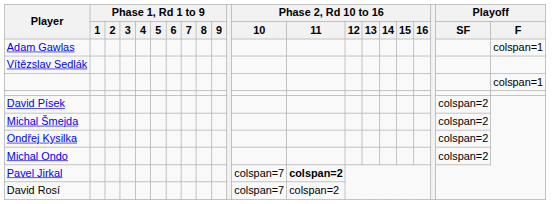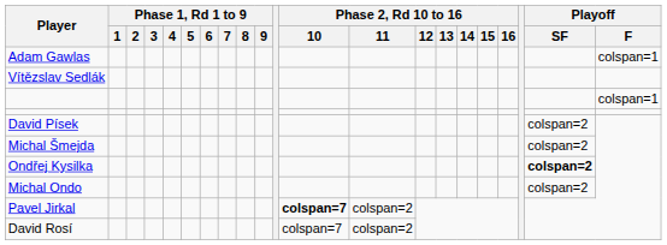 <table class="wikitable">
 <tr>
 <th rowspan="2">Player</th>
 <th colspan="9">Phase 1, Rd 1 to 9</th>
 <th rowspan="12"></th>
 <th colspan="7">Phase 2, Rd 10 to 16</th>
 <th rowspan="12"></th>
 <th colspan="2">Playoff</th>
 </tr>
 <tr>
 <th style="width:15px;">1</th>
 <th style="width:15px;">2</th>
 <th style="width:15px;">3</th>
 <th style="width:15px;">4</th>
 <th style="width:15px;">5</th>
 <th style="width:15px;">6</th>
 <th style="width:15px;">7</th>
 <th style="width:15px;">8</th>
 <th style="width:15px;">9</th>
 <th style="width:15px;">10</th>
 <th style="width:15px;">11</th>
 <th style="width:15px;">12</th>
 <th style="width:15px;">13</th>
 <th style="width:15px;">14</th>
 <th style="width:15px;">15</th>
 <th style="width:15px;">16</th>
 <th style="width:25px;">SF</th>
 <th style="width:25px;">F</th>
 </tr>
 <tr>
 <td> <a href='#'>Adam Gawlas</a></td>
 <td></td>
 <td></td>
 <td></td>
 <td></td>
 <td></td>
 <td></td>
 <td></td>
 <td></td>
 <td></td>
 <td></td>
 <td></td>
 <td></td>
 <td></td>
 <td></td>
 <td></td>
 <td></td>
 <td></td>
 <td>colspan=1 </td>
 </tr>
 <tr>
 <td> <a href='#'>Vítězslav Sedlák</a></td>
 <td></td>
 <td></td>
 <td></td>
 <td></td>
 <td></td>
 <td></td>
 <td></td>
 <td></td>
 <td></td>
 <td></td>
 <td></td>
 <td></td>
 <td></td>
 <td></td>
 <td></td>
 <td></td>
 <td></td>
 <td></td>
 </tr>
 <tr>
 <td></td>
 <td></td>
 <td></td>
 <td></td>
 <td></td>
 <td></td>
 <td></td>
 <td></td>
 <td></td>
 <td></td>
 <td></td>
 <td></td>
 <td></td>
 <td></td>
 <td></td>
 <td></td>
 <td></td>
 <td></td>
 <td>colspan=1 </td>
 </tr>
 <tr>
 <td></td>
 <td></td>
 <td></td>
 <td></td>
 <td></td>
 <td></td>
 <td></td>
 <td></td>
 <td></td>
 <td></td>
 <td></td>
 <td></td>
 <td></td>
 <td></td>
 <td></td>
 <td></td>
 <td></td>
 <td></td>
 <td></td>
 </tr>
 <tr>
 <td> <a href='#'>David Písek</a></td>
 <td></td>
 <td></td>
 <td></td>
 <td></td>
 <td></td>
 <td></td>
 <td></td>
 <td></td>
 <td></td>
 <td></td>
 <td></td>
 <td></td>
 <td></td>
 <td></td>
 <td></td>
 <td></td>
 <td>colspan=2 </td>
 </tr>
 <tr>
 <td> <a href='#'>Michal Šmejda</a></td>
 <td></td>
 <td></td>
 <td></td>
 <td></td>
 <td></td>
 <td></td>
 <td></td>
 <td></td>
 <td></td>
 <td></td>
 <td></td>
 <td></td>
 <td></td>
 <td></td>
 <td></td>
 <td></td>
 <td>colspan=2 </td>
 </tr>
 <tr>
 <td> <a href='#'>Ondřej Kysilka</a></td>
 <td></td>
 <td></td>
 <td></td>
 <td></td>
 <td></td>
 <td></td>
 <td></td>
 <td></td>
 <td></td>
 <td></td>
 <td></td>
 <td></td>
 <td></td>
 <td></td>
 <td></td>
 <td></td>
-<td>colspan=2 </td>
+<td><strong>colspan=2 </strong></td>
 </tr>
 <tr>
 <td> <a href='#'>Michal Ondo</a></td>
 <td></td>
 <td></td>
 <td></td>
 <td></td>
 <td></td>
 <td></td>
 <td></td>
 <td></td>
 <td></td>
 <td></td>
 <td></td>
 <td></td>
 <td></td>
 <td></td>
 <td></td>
 <td></td>
 <td>colspan=2 </td>
 </tr>
 <tr>
 <td> <a href='#'>Pavel Jirkal</a></td>
 <td></td>
 <td></td>
 <td></td>
 <td></td>
 <td></td>
 <td></td>
 <td></td>
 <td></td>
 <td></td>
-<td>colspan=7 </td>
-<td><strong>colspan=2 </strong></td>
+<td><strong>colspan=7 </strong></td>
+<td>colspan=2 </td>
 </tr>
 <tr>
 <td> David Rosí</td>
 <td></td>
 <td></td>
 <td></td>
 <td></td>
 <td></td>
 <td></td>
 <td></td>
 <td></td>
 <td></td>
 <td>colspan=7 </td>
 <td>colspan=2 </td>
 </tr>
 </table>
